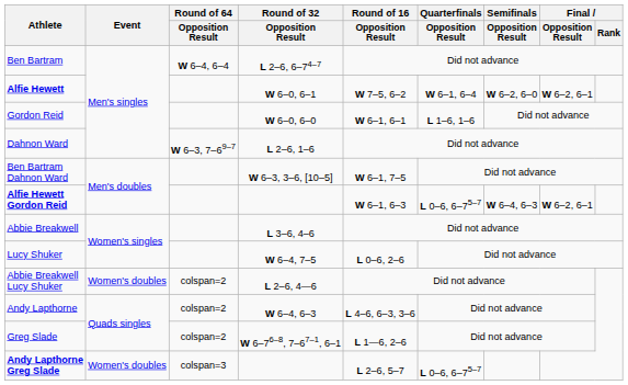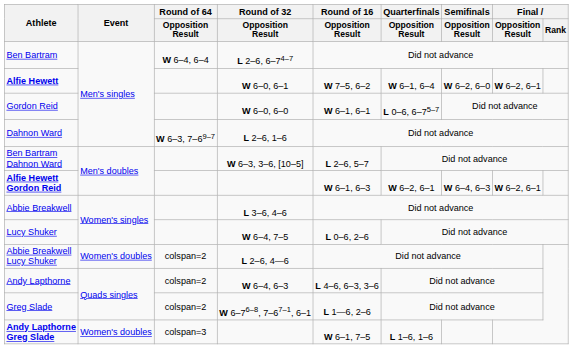 <table class="wikitable" style="font-size:90%;">
 <tr>
 <th rowspan=2>Athlete</th>
 <th rowspan=2>Event</th>
 <th>Round of 64</th>
 <th>Round of 32</th>
 <th>Round of 16</th>
 <th>Quarterfinals</th>
 <th>Semifinals</th>
 <th colspan=2>Final / </th>
 </tr>
 <tr style="font-size:95%">
 <th>Opposition<br>Result</th>
 <th>Opposition<br>Result</th>
 <th>Opposition<br>Result</th>
 <th>Opposition<br>Result</th>
 <th>Opposition<br>Result</th>
 <th>Opposition<br>Result</th>
 <th>Rank</th>
 </tr>
 <tr style="text-align:center">
 <td style="text-align:left"><a href='#'>Ben Bartram</a></td>
 <td rowspan=4 style="text-align:left"><a href='#'>Men's singles</a></td>
 <td><br><strong>W</strong> 6–4, 6–4</td>
 <td><br><strong>L</strong> 2–6, 6–7<sup>4–7</sup></td>
 <td colspan="5">Did not advance</td>
 </tr>
 <tr style="text-align:center">
 <td style="text-align:left"><strong><a href='#'>Alfie Hewett</a></strong></td>
 <td></td>
 <td><br><strong>W</strong> 6–0, 6–1</td>
 <td><br><strong>W</strong> 7–5, 6–2</td>
 <td><br><strong>W</strong> 6–1, 6–4</td>
 <td><br><strong>W</strong> 6–2, 6–0</td>
 <td><br><strong>W</strong> 6–2, 6–1</td>
 <td></td>
 </tr>
 <tr style="text-align:center">
 <td style="text-align:left"><a href='#'>Gordon Reid</a></td>
 <td></td>
 <td><br><strong>W</strong> 6–0, 6–0</td>
 <td><br><strong>W</strong> 6–1, 6–1</td>
-<td><br><strong>L</strong> 1–6, 1–6</td>
+<td><br><strong>L</strong> 0–6, 6–7<sup>5–7</sup></td>
 <td colspan="3">Did not advance</td>
 </tr>
 <tr style="text-align:center">
 <td style="text-align:left"><a href='#'>Dahnon Ward</a></td>
 <td><br><strong>W</strong> 6–3, 7–6<sup>9–7</sup></td>
 <td><br><strong>L</strong> 2–6, 1–6</td>
 <td colspan="5">Did not advance</td>
 </tr>
 <tr style="text-align:center">
 <td style="text-align:left"><a href='#'>Ben Bartram</a> <br> <a href='#'>Dahnon Ward</a></td>
 <td style="text-align:left" rowspan=2><a href='#'>Men's doubles</a></td>
 <td></td>
 <td><br><strong>W</strong> 6–3, 3–6, [10–5]</td>
-<td><br><strong>W</strong> 6–1, 7–5</td>
+<td><br><strong>L</strong> 2–6, 5–7</td>
 <td colspan="4">Did not advance</td>
 </tr>
 <tr style="text-align:center">
 <td style="text-align:left"><strong><a href='#'>Alfie Hewett</a> <br> <a href='#'>Gordon Reid</a></strong></td>
 <td></td>
 <td></td>
 <td><br><strong>W</strong> 6–1, 6–3</td>
-<td><br><strong>L</strong> 0–6, 6–7<sup>5–7</sup></td>
+<td><br><strong>W</strong> 6–2, 6–1</td>
 <td><br><strong>W</strong> 6–4, 6–3</td>
 <td><br><strong>W</strong> 6–2, 6–1</td>
 <td></td>
 </tr>
 <tr style="text-align:center">
 <td style="text-align:left"><a href='#'>Abbie Breakwell</a></td>
 <td style="text-align:left" rowspan=2><a href='#'>Women's singles</a></td>
 <td></td>
 <td><br><strong>L</strong> 3–6, 4–6</td>
 <td colspan="5">Did not advance</td>
 </tr>
 <tr style="text-align:center">
 <td style="text-align:left"><a href='#'>Lucy Shuker</a></td>
 <td></td>
 <td><br><strong>W</strong> 6–4, 7–5</td>
 <td><br><strong>L</strong> 0–6, 2–6</td>
 <td colspan="4">Did not advance</td>
 </tr>
 <tr style="text-align:center">
 <td style="text-align:left"><a href='#'>Abbie Breakwell</a> <br> <a href='#'>Lucy Shuker</a></td>
 <td style="text-align:left"><a href='#'>Women's doubles</a></td>
 <td>colspan=2</td>
 <td><br><strong>L</strong> 2–6, 4—6</td>
 <td colspan="4">Did not advance</td>
 </tr>
 <tr style="text-align:center">
 <td style="text-align:left"><a href='#'>Andy Lapthorne</a></td>
 <td style="text-align:left" rowspan=2><a href='#'>Quads singles</a></td>
 <td>colspan=2</td>
 <td><br><strong>W</strong> 6–4, 6–3</td>
 <td><br><strong>L</strong> 4–6, 6–3, 3–6</td>
 <td colspan="3">Did not advance</td>
 </tr>
 <tr style="text-align:center">
 <td style="text-align:left"><a href='#'>Greg Slade</a></td>
 <td>colspan=2</td>
 <td><br><strong>W</strong> 6–7<sup>6–8</sup>, 7–6<sup>7–1</sup>, 6–1</td>
 <td><br><strong>L</strong> 1—6, 2–6</td>
 <td colspan="3">Did not advance</td>
 </tr>
 <tr style="text-align:center">
 <td style="text-align:left"><strong><a href='#'>Andy Lapthorne</a></strong><br> <strong><a href='#'>Greg Slade</a></strong></td>
 <td style="text-align:left"><a href='#'>Women's doubles</a></td>
 <td>colspan=3</td>
 <td></td>
-<td><br><strong>L</strong> 2–6, 5–7</td>
-<td><br><strong>L</strong> 0–6, 6–7<sup>5–7</sup></td>
+<td><br><strong>W</strong> 6–1, 7–5</td>
+<td><br><strong>L</strong> 1–6, 1–6</td>
 <td></td>
 </tr>
 </table>
